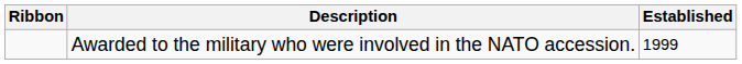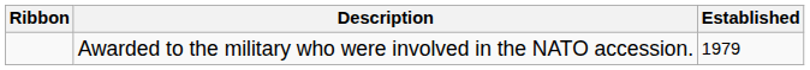 <table class="wikitable">
 <tr>
 <th>Ribbon</th>
 <th>Description</th>
 <th>Established</th>
 </tr>
 <tr>
 <td><big></big></td>
 <td><big>Awarded to the military who were involved in the NATO accession.</big></td>
-<td>1999</td>
+<td>1979</td>
 </tr>
 </table>
